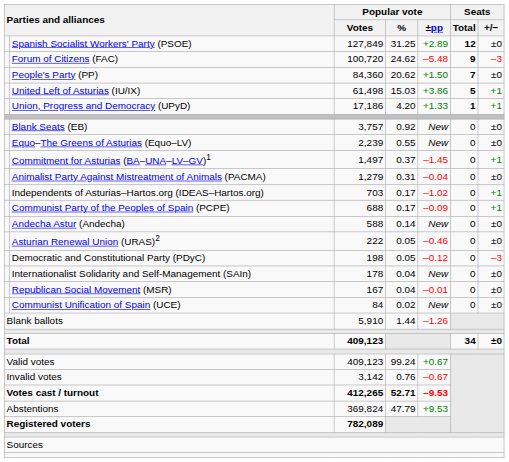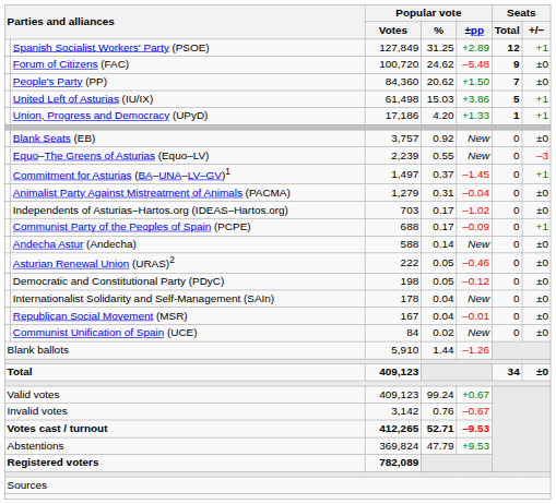 <table class="wikitable" style="text-align:right;">
 <tr>
 <th style="text-align:left;" rowspan="2" colspan="2" width="525">Parties and alliances</th>
 <th colspan="3">Popular vote</th>
 <th colspan="2">Seats</th>
 </tr>
 <tr>
 <th width="75">Votes</th>
 <th width="45">%</th>
 <th width="45">±<a href='#'>pp</a></th>
 <th width="35">Total</th>
 <th width="35">+/−</th>
 </tr>
 <tr>
 <td width="1" style="color:inherit;background:"></td>
 <td align="left"><a href='#'>Spanish Socialist Workers' Party</a> (PSOE)</td>
 <td>127,849</td>
 <td>31.25</td>
 <td style="color:green;">+2.89</td>
 <td><strong>12</strong></td>
-<td>±0</td>
+<td style="color:green;">+1</td>
 </tr>
 <tr>
 <td style="color:inherit;background:"></td>
 <td align="left"><a href='#'>Forum of Citizens</a> (FAC)</td>
 <td>100,720</td>
 <td>24.62</td>
 <td style="color:red;">–5.48</td>
 <td><strong>9</strong></td>
-<td style="color:red;">–3</td>
+<td>±0</td>
 </tr>
 <tr>
 <td style="color:inherit;background:"></td>
 <td align="left"><a href='#'>People's Party</a> (PP)</td>
 <td>84,360</td>
 <td>20.62</td>
 <td style="color:green;">+1.50</td>
 <td><strong>7</strong></td>
 <td>±0</td>
 </tr>
 <tr>
 <td style="color:inherit;background:"></td>
 <td align="left"><a href='#'>United Left of Asturias</a> (IU/IX)</td>
 <td>61,498</td>
 <td>15.03</td>
 <td style="color:green;">+3.86</td>
 <td><strong>5</strong></td>
 <td style="color:green;">+1</td>
 </tr>
 <tr>
 <td style="color:inherit;background:"></td>
 <td align="left"><a href='#'>Union, Progress and Democracy</a> (UPyD)</td>
 <td>17,186</td>
 <td>4.20</td>
 <td style="color:green;">+1.33</td>
 <td><strong>1</strong></td>
 <td style="color:green;">+1</td>
 </tr>
 <tr>
 <td colspan="7" bgcolor="#C0C0C0"></td>
 </tr>
 <tr>
 <td style="color:inherit;background:"></td>
 <td align="left"><a href='#'>Blank Seats</a> (EB)</td>
 <td>3,757</td>
 <td>0.92</td>
 <td><em>New</em></td>
 <td>0</td>
 <td>±0</td>
 </tr>
 <tr>
 <td style="color:inherit;background:"></td>
 <td align="left"><a href='#'>Equo</a>–<a href='#'>The Greens of Asturias</a> (Equo–LV)</td>
 <td>2,239</td>
 <td>0.55</td>
 <td><em>New</em></td>
 <td>0</td>
-<td>±0</td>
+<td style="color:red;">–3</td>
 </tr>
 <tr>
 <td style="color:inherit;background:"></td>
 <td align="left"><a href='#'>Commitment for Asturias</a> (<a href='#'>BA</a>–<a href='#'>UNA</a>–<a href='#'>LV–GV</a>)<sup>1</sup></td>
 <td>1,497</td>
 <td>0.37</td>
 <td style="color:red;">–1.45</td>
 <td>0</td>
 <td style="color:green;">+1</td>
 </tr>
 <tr>
 <td style="color:inherit;background:"></td>
 <td align="left"><a href='#'>Animalist Party Against Mistreatment of Animals</a> (PACMA)</td>
 <td>1,279</td>
 <td>0.31</td>
 <td style="color:red;">–0.04</td>
 <td>0</td>
 <td>±0</td>
 </tr>
 <tr>
 <td style="color:inherit;background:"></td>
 <td align="left">Independents of Asturias–Hartos.org (IDEAS–Hartos.org)</td>
 <td>703</td>
 <td>0.17</td>
 <td style="color:red;">–1.02</td>
 <td>0</td>
-<td style="color:green;">+1</td>
+<td>±0</td>
 </tr>
 <tr>
 <td style="color:inherit;background:"></td>
 <td align="left"><a href='#'>Communist Party of the Peoples of Spain</a> (PCPE)</td>
 <td>688</td>
 <td>0.17</td>
 <td style="color:red;">–0.09</td>
 <td>0</td>
 <td style="color:green;">+1</td>
 </tr>
 <tr>
 <td style="color:inherit;background:"></td>
 <td align="left"><a href='#'>Andecha Astur</a> (Andecha)</td>
 <td>588</td>
 <td>0.14</td>
 <td><em>New</em></td>
 <td>0</td>
 <td>±0</td>
 </tr>
 <tr>
 <td style="color:inherit;background:"></td>
 <td align="left"><a href='#'>Asturian Renewal Union</a> (URAS)<sup>2</sup></td>
 <td>222</td>
 <td>0.05</td>
 <td style="color:red;">–0.46</td>
 <td>0</td>
 <td>±0</td>
 </tr>
 <tr>
 <td style="color:inherit;background:"></td>
 <td align="left">Democratic and Constitutional Party (PDyC)</td>
 <td>198</td>
 <td>0.05</td>
 <td style="color:red;">–0.12</td>
 <td>0</td>
-<td style="color:red;">–3</td>
+<td>±0</td>
 </tr>
 <tr>
 <td style="color:inherit;background:"></td>
 <td align="left">Internationalist Solidarity and Self-Management (SAIn)</td>
 <td>178</td>
 <td>0.04</td>
 <td><em>New</em></td>
 <td>0</td>
 <td>±0</td>
 </tr>
 <tr>
 <td style="color:inherit;background:"></td>
 <td align="left"><a href='#'>Republican Social Movement</a> (MSR)</td>
 <td>167</td>
 <td>0.04</td>
 <td style="color:red;">–0.01</td>
 <td>0</td>
 <td>±0</td>
 </tr>
 <tr>
 <td style="color:inherit;background:"></td>
 <td align="left"><a href='#'>Communist Unification of Spain</a> (UCE)</td>
 <td>84</td>
 <td>0.02</td>
 <td><em>New</em></td>
 <td>0</td>
 <td>±0</td>
 </tr>
 <tr>
 <td align="left" colspan="2">Blank ballots</td>
 <td>5,910</td>
 <td>1.44</td>
 <td style="color:red;">–1.26</td>
 <td bgcolor="#E9E9E9" colspan="2"></td>
 </tr>
 <tr>
 <td colspan="7" bgcolor="#E9E9E9"></td>
 </tr>
 <tr style="font-weight:bold;">
 <td align="left" colspan="2">Total</td>
 <td>409,123</td>
 <td bgcolor="#E9E9E9" colspan="2"></td>
 <td>34</td>
 <td>±0</td>
 </tr>
 <tr>
 <td colspan="7" bgcolor="#E9E9E9"></td>
 </tr>
 <tr>
 <td align="left" colspan="2">Valid votes</td>
 <td>409,123</td>
 <td>99.24</td>
 <td style="color:green;">+0.67</td>
 <td bgcolor="#E9E9E9" colspan="2" rowspan="5"></td>
 </tr>
 <tr>
 <td align="left" colspan="2">Invalid votes</td>
 <td>3,142</td>
 <td>0.76</td>
 <td style="color:red;">–0.67</td>
 </tr>
 <tr style="font-weight:bold;">
 <td align="left" colspan="2">Votes cast / turnout</td>
 <td>412,265</td>
 <td>52.71</td>
 <td style="color:red;">–9.53</td>
 </tr>
 <tr>
 <td align="left" colspan="2">Abstentions</td>
 <td>369,824</td>
 <td>47.79</td>
 <td style="color:green;">+9.53</td>
 </tr>
 <tr style="font-weight:bold;">
 <td align="left" colspan="2">Registered voters</td>
 <td>782,089</td>
 <td bgcolor="#E9E9E9" colspan="2"></td>
 </tr>
 <tr>
 <td colspan="7" bgcolor="#E9E9E9"></td>
 </tr>
 <tr>
 <td align="left" colspan="7">Sources</td>
 </tr>
 <tr>
 <td colspan="7" style="text-align:left; max-width:790px;"></td>
 </tr>
 </table>
